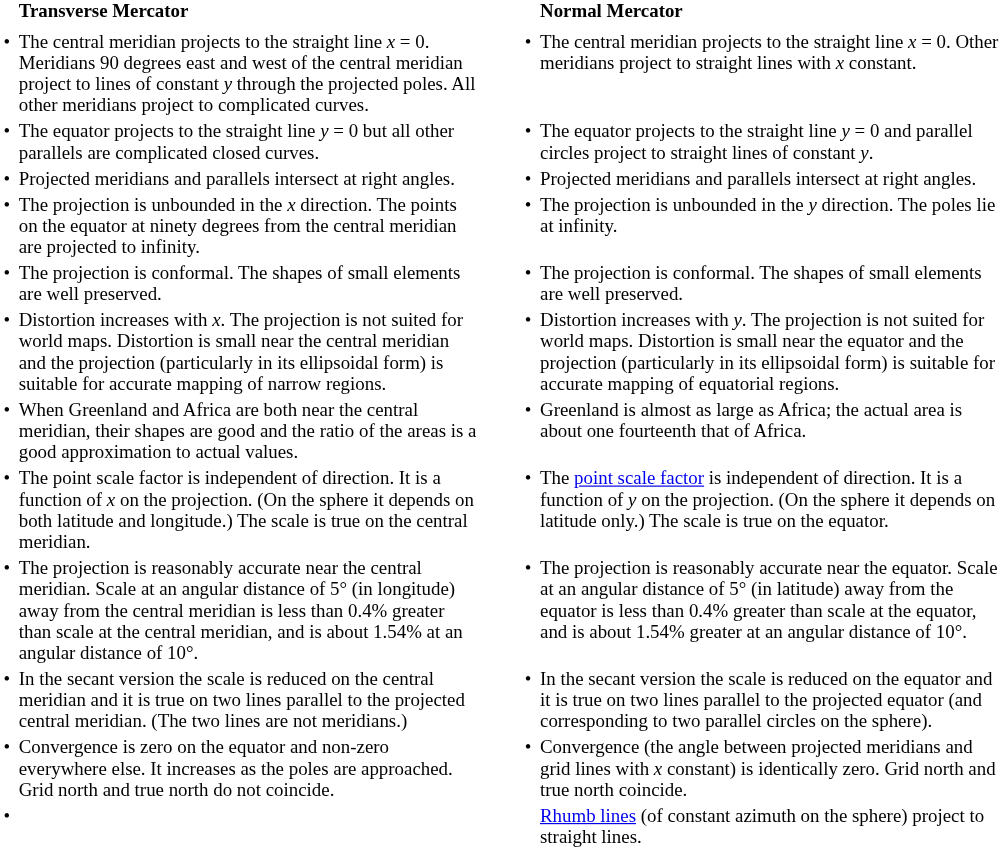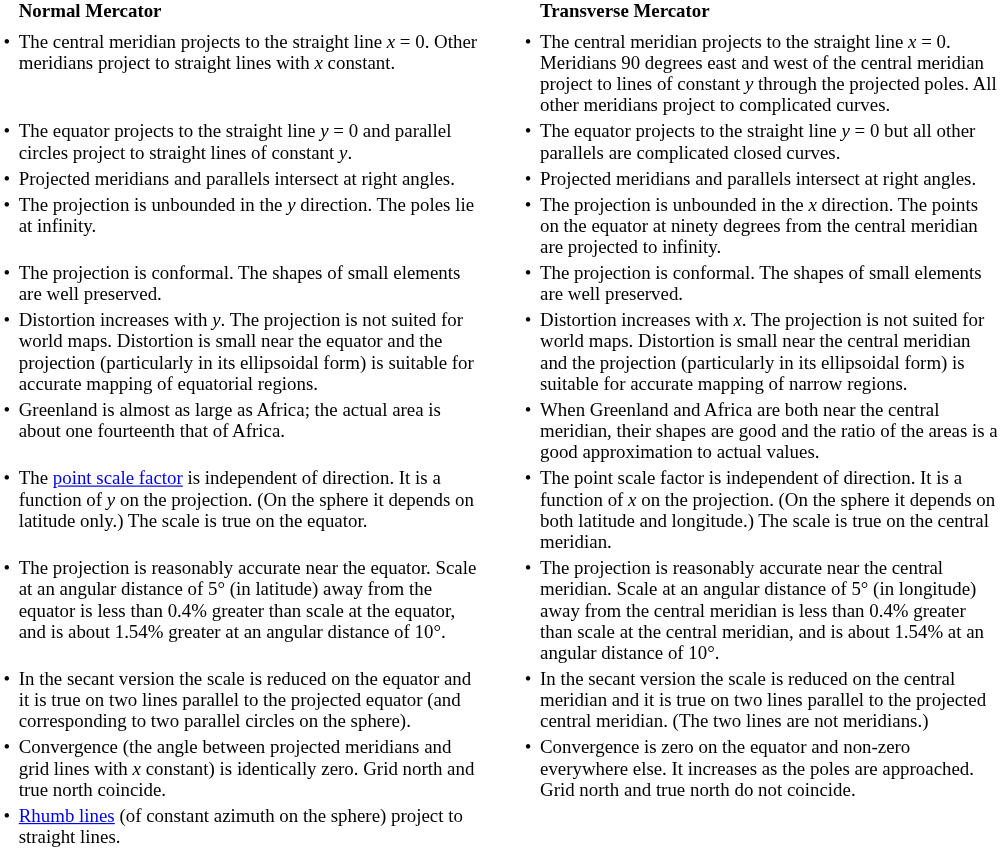 <table style="text-align:left" style="margin: 1em auto 1em auto">
 <tr valign=top>
 <th width="1%"></th>
-<th width="36%">Transverse Mercator</th>
+<th width="36%">Normal Mercator</th>
 <th width="3%"></th>
 <th width="1%"></th>
-<th width="36%">Normal Mercator</th>
+<th width="36%">Transverse Mercator</th>
 </tr>
 <tr valign=top>
 <td></td>
 <td align="center" width="300px"></td>
 <td></td>
 <td></td>
 <td align="center" width="300px"></td>
 </tr>
 <tr valign=top>
 <td>•</td>
-<td>The central meridian projects to the straight line <em>x</em> = 0. Meridians 90 degrees east and west of the central meridian project to lines of constant <em>y</em> through the projected poles. All other meridians project to complicated curves.</td>
+<td>The central meridian projects to the straight line <em>x</em> = 0. Other meridians project to straight lines with <em>x</em> constant.</td>
 <td></td>
 <td>•</td>
-<td>The central meridian projects to the straight line <em>x</em> = 0. Other meridians project to straight lines with <em>x</em> constant.</td>
+<td>The central meridian projects to the straight line <em>x</em> = 0. Meridians 90 degrees east and west of the central meridian project to lines of constant <em>y</em> through the projected poles. All other meridians project to complicated curves.</td>
 </tr>
 <tr valign=top>
 <td>•</td>
-<td>The equator projects to the straight line <em>y</em> = 0 but all other parallels are complicated closed curves.</td>
+<td>The equator projects to the straight line <em>y</em> = 0 and parallel circles project to straight lines of constant <em>y</em>.</td>
 <td></td>
 <td>•</td>
-<td>The equator projects to the straight line <em>y</em> = 0 and parallel circles project to straight lines of constant <em>y</em>.</td>
+<td>The equator projects to the straight line <em>y</em> = 0 but all other parallels are complicated closed curves.</td>
 </tr>
 <tr valign=top>
 <td>•</td>
 <td>Projected meridians and parallels intersect at right angles.</td>
 <td></td>
 <td>•</td>
 <td>Projected meridians and parallels intersect at right angles.</td>
 </tr>
 <tr valign=top>
 <td>•</td>
-<td>The projection is unbounded in the <em>x</em> direction. The points on the equator at ninety degrees from the central meridian are projected to infinity.</td>
+<td>The projection is unbounded in the <em>y</em> direction. The poles lie at infinity.</td>
 <td></td>
 <td>•</td>
-<td>The projection is unbounded in the <em>y</em> direction. The poles lie at infinity.</td>
+<td>The projection is unbounded in the <em>x</em> direction. The points on the equator at ninety degrees from the central meridian are projected to infinity.</td>
 </tr>
 <tr valign=top>
 <td>•</td>
 <td>The projection is conformal. The shapes of small elements are well preserved.</td>
 <td></td>
 <td>•</td>
 <td>The projection is conformal. The shapes of small elements are well preserved.</td>
 </tr>
 <tr valign=top>
 <td>•</td>
-<td>Distortion increases with <em>x</em>. The projection is not suited for world maps. Distortion is small near the central meridian and the projection (particularly in its ellipsoidal form) is suitable for accurate mapping of narrow regions.</td>
+<td>Distortion increases with <em>y</em>. The projection is not suited for world maps. Distortion is small near the equator and the projection (particularly in its ellipsoidal form) is suitable for accurate mapping of equatorial regions.</td>
 <td></td>
 <td>•</td>
-<td>Distortion increases with <em>y</em>. The projection is not suited for world maps. Distortion is small near the equator and the projection (particularly in its ellipsoidal form) is suitable for accurate mapping of equatorial regions.</td>
+<td>Distortion increases with <em>x</em>. The projection is not suited for world maps. Distortion is small near the central meridian and the projection (particularly in its ellipsoidal form) is suitable for accurate mapping of narrow regions.</td>
 </tr>
 <tr valign=top>
 <td>•</td>
-<td>When Greenland and Africa are both near the central meridian, their shapes are good and the ratio of the areas is a good approximation to actual values.</td>
+<td>Greenland is almost as large as Africa; the actual area is about one fourteenth that of Africa.</td>
 <td></td>
 <td>•</td>
-<td>Greenland is almost as large as Africa; the actual area is about one fourteenth that of Africa.</td>
+<td>When Greenland and Africa are both near the central meridian, their shapes are good and the ratio of the areas is a good approximation to actual values.</td>
 </tr>
 <tr valign=top>
 <td>•</td>
-<td>The point scale factor is independent of direction. It is a function of <em>x</em> on the projection. (On the sphere it depends on both latitude and longitude.) The scale is true on the central meridian.</td>
+<td>The <a href='#'>point scale factor</a> is independent of direction. It is a function of <em>y</em> on the projection. (On the sphere it depends on latitude only.) The scale is true on the equator.</td>
 <td></td>
 <td>•</td>
-<td>The <a href='#'>point scale factor</a> is independent of direction. It is a function of <em>y</em> on the projection. (On the sphere it depends on latitude only.) The scale is true on the equator.</td>
+<td>The point scale factor is independent of direction. It is a function of <em>x</em> on the projection. (On the sphere it depends on both latitude and longitude.) The scale is true on the central meridian.</td>
 </tr>
 <tr valign=top>
 <td>•</td>
-<td>The projection is reasonably accurate near the central meridian. Scale at an angular distance of 5° (in longitude) away from the central meridian is less than 0.4% greater than scale at the central meridian, and is about 1.54% at an angular distance of 10°.</td>
+<td>The projection is reasonably accurate near the equator. Scale at an angular distance of 5° (in latitude) away from the equator is less than 0.4% greater than scale at the equator, and is about 1.54% greater at an angular distance of 10°.</td>
 <td></td>
 <td>•</td>
-<td>The projection is reasonably accurate near the equator. Scale at an angular distance of 5° (in latitude) away from the equator is less than 0.4% greater than scale at the equator, and is about 1.54% greater at an angular distance of 10°.</td>
+<td>The projection is reasonably accurate near the central meridian. Scale at an angular distance of 5° (in longitude) away from the central meridian is less than 0.4% greater than scale at the central meridian, and is about 1.54% at an angular distance of 10°.</td>
 </tr>
 <tr valign=top>
 <td>•</td>
-<td>In the secant version the scale is reduced on the central meridian and it is true on two lines parallel to the projected central meridian. (The two lines are not meridians.)</td>
+<td>In the secant version the scale is reduced on the equator and it is true on two lines parallel to the projected equator (and corresponding to two parallel circles on the sphere).</td>
 <td></td>
 <td>•</td>
-<td>In the secant version the scale is reduced on the equator and it is true on two lines parallel to the projected equator (and corresponding to two parallel circles on the sphere).</td>
+<td>In the secant version the scale is reduced on the central meridian and it is true on two lines parallel to the projected central meridian. (The two lines are not meridians.)</td>
 </tr>
 <tr valign=top>
 <td>•</td>
-<td>Convergence is zero on the equator and non-zero everywhere else. It increases as the poles are approached. Grid north and true north do not coincide.</td>
+<td>Convergence (the angle between projected meridians and grid lines with <em>x</em> constant) is identically zero. Grid north and true north coincide.</td>
 <td></td>
 <td>•</td>
-<td>Convergence (the angle between projected meridians and grid lines with <em>x</em> constant) is identically zero. Grid north and true north coincide.</td>
+<td>Convergence is zero on the equator and non-zero everywhere else. It increases as the poles are approached. Grid north and true north do not coincide.</td>
 </tr>
 <tr valign=top>
 <td>•</td>
-<td><br></td>
+<td><a href='#'>Rhumb lines</a> (of constant azimuth on the sphere) project to straight lines.</td>
 <td></td>
 <td></td>
-<td><a href='#'>Rhumb lines</a> (of constant azimuth on the sphere) project to straight lines.</td>
+<td><br></td>
 </tr>
 </table>
